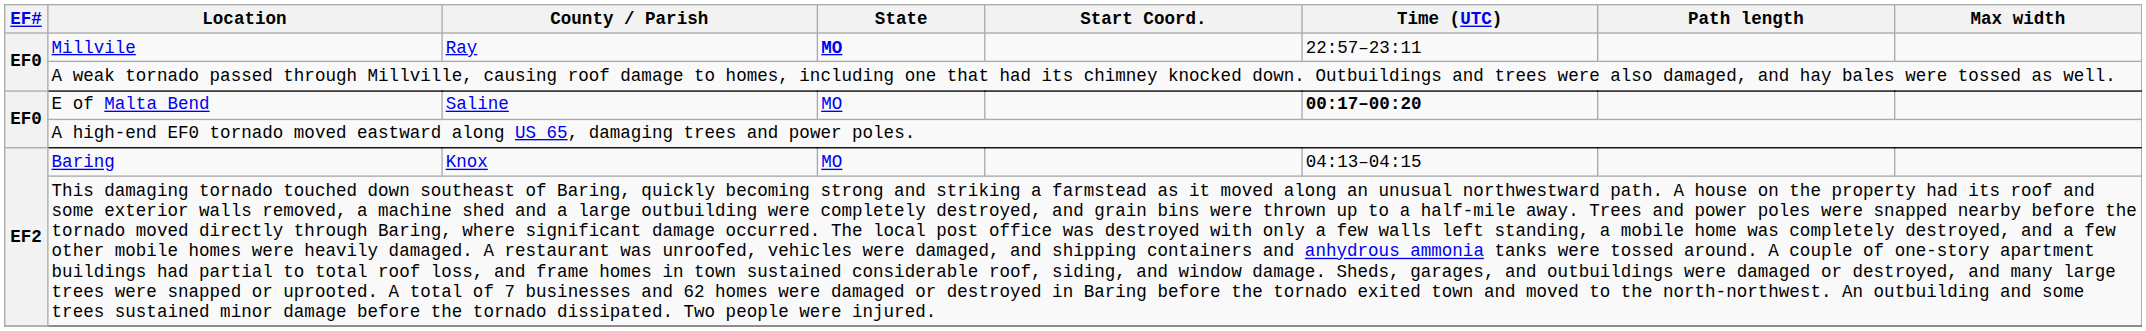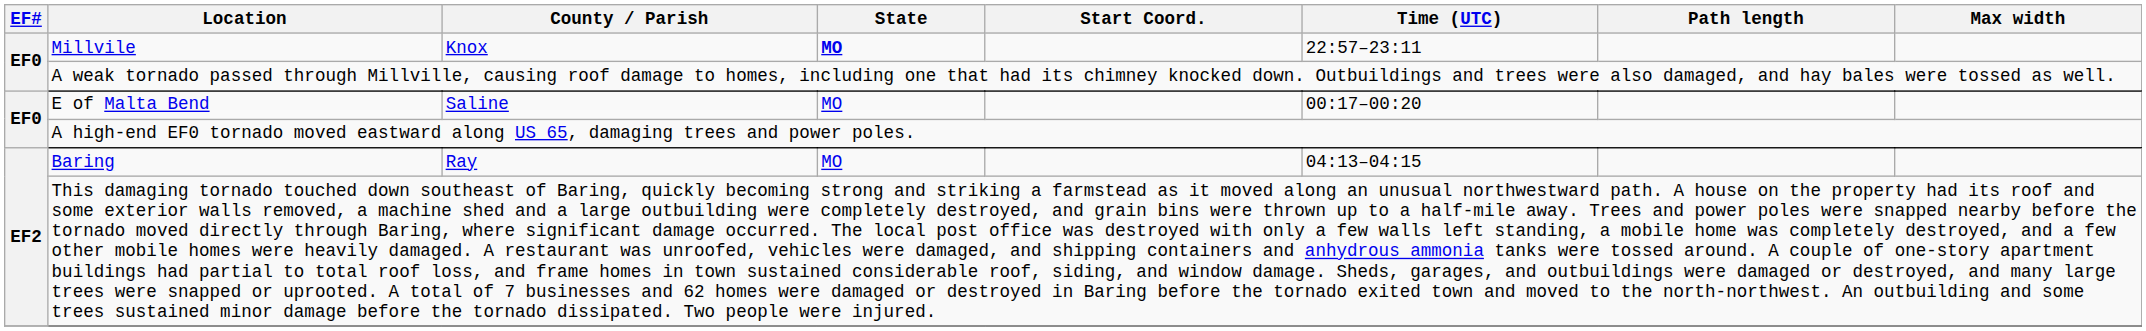 <table class="wikitable sortable" style="width:100%;">
 <tr>
 <th scope="col" width="2%" align="center"><a href='#'>EF#</a></th>
 <th scope="col" align="center" class="unsortable">Location</th>
 <th scope="col" align="center" class="unsortable">County / Parish</th>
 <th scope="col" align="center">State</th>
 <th scope="col" align="center">Start Coord.</th>
 <th scope="col" align="center">Time (<a href='#'>UTC</a>)</th>
 <th scope="col" align="center">Path length</th>
 <th scope="col" align="center">Max width</th>
 </tr>
 <tr>
 <th scope="row" rowspan="2" style="background-color:#">EF0</th>
 <td><a href='#'>Millvile</a></td>
-<td><a href='#'>Ray</a></td>
+<td><a href='#'>Knox</a></td>
 <td><strong><a href='#'>MO</a></strong></td>
 <td></td>
 <td>22:57–23:11</td>
 <td></td>
 <td></td>
 </tr>
 <tr class="expand-child">
 <td colspan="8" style=" border-bottom: 1px solid black;">A weak tornado passed through Millville, causing roof damage to homes, including one that had its chimney knocked down. Outbuildings and trees were also damaged, and hay bales were tossed as well.</td>
 </tr>
 <tr>
 <th scope="row" rowspan="2" style="background-color:#">EF0</th>
 <td>E of <a href='#'>Malta Bend</a></td>
 <td><a href='#'>Saline</a></td>
 <td><a href='#'>MO</a></td>
 <td></td>
-<td><strong>00:17–00:20</strong></td>
+<td>00:17–00:20</td>
 <td></td>
 <td></td>
 </tr>
 <tr class="expand-child">
 <td colspan="8" style=" border-bottom: 1px solid black;">A high-end EF0 tornado moved eastward along <a href='#'>US 65</a>, damaging trees and power poles.</td>
 </tr>
 <tr>
 <th scope="row" rowspan="2" style="background-color:#">EF2</th>
 <td><a href='#'>Baring</a></td>
-<td><a href='#'>Knox</a></td>
+<td><a href='#'>Ray</a></td>
 <td><a href='#'>MO</a></td>
 <td></td>
 <td>04:13–04:15</td>
 <td></td>
 <td></td>
 </tr>
 <tr class="expand-child">
 <td colspan="8" style=" border-bottom: 1px solid black;">This damaging tornado touched down southeast of Baring, quickly becoming strong and striking a farmstead as it moved along an unusual northwestward path. A house on the property had its roof and some exterior walls removed, a machine shed and a large outbuilding were completely destroyed, and grain bins were thrown up to a half-mile away. Trees and power poles were snapped nearby before the tornado moved directly through Baring, where significant damage occurred. The local post office was destroyed with only a few walls left standing, a mobile home was completely destroyed, and a few other mobile homes were heavily damaged. A restaurant was unroofed, vehicles were damaged, and shipping containers and <a href='#'>anhydrous ammonia</a> tanks were tossed around. A couple of one-story apartment buildings had partial to total roof loss, and frame homes in town sustained considerable roof, siding, and window damage. Sheds, garages, and outbuildings were damaged or destroyed, and many large trees were snapped or uprooted. A total of 7 businesses and 62 homes were damaged or destroyed in Baring before the tornado exited town and moved to the north-northwest. An outbuilding and some trees sustained minor damage before the tornado dissipated. Two people were injured.</td>
 </tr>
 <tr>
 </tr>
 </table>
